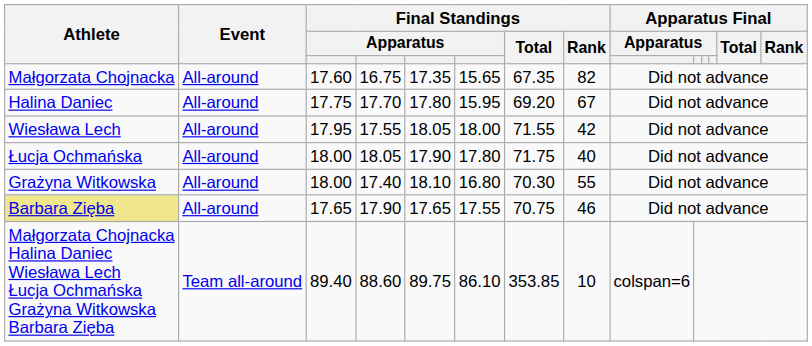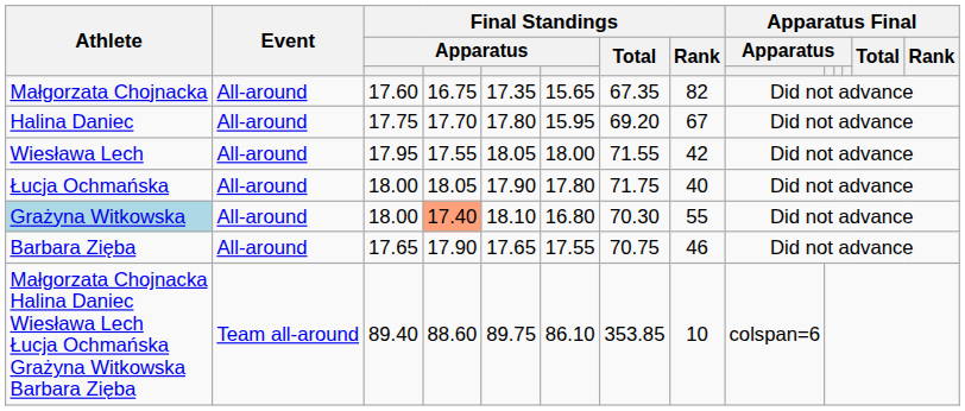 <table class="wikitable" style="font-size:90%">
 <tr>
 <th rowspan="3">Athlete</th>
 <th rowspan="3">Event</th>
 <th colspan =6>Final Standings</th>
 <th colspan =6>Apparatus Final</th>
 </tr>
 <tr style="font-size:95%">
 <th colspan=4>Apparatus</th>
 <th rowspan=2>Total</th>
 <th rowspan=2>Rank</th>
 <th colspan=4>Apparatus</th>
 <th rowspan=2>Total</th>
 <th rowspan=2>Rank</th>
 </tr>
 <tr style="font-size:95%">
 <th></th>
 <th></th>
 <th></th>
 <th></th>
 <th></th>
 <th></th>
 <th></th>
 <th></th>
 </tr>
 <tr align=center>
 <td align=left><a href='#'>Małgorzata Chojnacka</a></td>
 <td align=left><a href='#'>All-around</a></td>
 <td>17.60</td>
 <td>16.75</td>
 <td>17.35</td>
 <td>15.65</td>
 <td>67.35</td>
 <td>82</td>
 <td colspan=6>Did not advance</td>
 </tr>
 <tr align=center>
 <td align=left><a href='#'>Halina Daniec</a></td>
 <td align=left><a href='#'>All-around</a></td>
 <td>17.75</td>
 <td>17.70</td>
 <td>17.80</td>
 <td>15.95</td>
 <td>69.20</td>
 <td>67</td>
 <td colspan=6>Did not advance</td>
 </tr>
 <tr align=center>
 <td align=left><a href='#'>Wiesława Lech</a></td>
 <td align=left><a href='#'>All-around</a></td>
 <td>17.95</td>
 <td>17.55</td>
 <td>18.05</td>
 <td>18.00</td>
 <td>71.55</td>
 <td>42</td>
 <td colspan=6>Did not advance</td>
 </tr>
 <tr align=center>
 <td align=left><a href='#'>Łucja Ochmańska</a></td>
 <td align=left><a href='#'>All-around</a></td>
 <td>18.00</td>
 <td>18.05</td>
 <td>17.90</td>
 <td>17.80</td>
 <td>71.75</td>
 <td>40</td>
 <td colspan=6>Did not advance</td>
 </tr>
 <tr align=center>
-<td align=left><a href='#'>Grażyna Witkowska</a></td>
+<td align=left style="background: lightblue;"><a href='#'>Grażyna Witkowska</a></td>
 <td align=left><a href='#'>All-around</a></td>
 <td>18.00</td>
-<td>17.40</td>
+<td style="background: lightsalmon;">17.40</td>
 <td>18.10</td>
 <td>16.80</td>
 <td>70.30</td>
 <td>55</td>
 <td colspan=6>Did not advance</td>
 </tr>
 <tr align=center>
-<td align=left style="background: khaki;"><a href='#'>Barbara Zięba</a></td>
+<td align=left><a href='#'>Barbara Zięba</a></td>
 <td align=left><a href='#'>All-around</a></td>
 <td>17.65</td>
 <td>17.90</td>
 <td>17.65</td>
 <td>17.55</td>
 <td>70.75</td>
 <td>46</td>
 <td colspan=6>Did not advance</td>
 </tr>
 <tr align=center>
 <td align=left><a href='#'>Małgorzata Chojnacka</a><br><a href='#'>Halina Daniec</a><br><a href='#'>Wiesława Lech</a><br><a href='#'>Łucja Ochmańska</a><br><a href='#'>Grażyna Witkowska</a><br><a href='#'>Barbara Zięba</a></td>
 <td align=left><a href='#'>Team all-around</a></td>
 <td>89.40</td>
 <td>88.60</td>
 <td>89.75</td>
 <td>86.10</td>
 <td>353.85</td>
 <td>10</td>
 <td>colspan=6 </td>
 </tr>
 </table>
